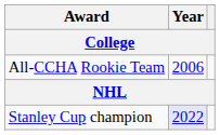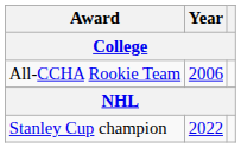 <table class="wikitable">
 <tr>
 <th>Award</th>
 <th>Year</th>
 <th></th>
 </tr>
 <tr>
 <th colspan="3"><a href='#'>College</a></th>
 </tr>
 <tr>
 <td>All-<a href='#'>CCHA</a> <a href='#'>Rookie Team</a></td>
 <td><a href='#'>2006</a></td>
 <td></td>
 </tr>
 <tr>
 <th colspan="3"><a href='#'>NHL</a></th>
 </tr>
 <tr>
 <td><a href='#'>Stanley Cup</a> champion</td>
-<td style="background: lavender;"><a href='#'>2022</a></td>
+<td><a href='#'>2022</a></td>
 <td></td>
 </tr>
 </table>
